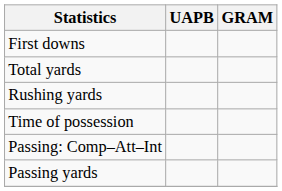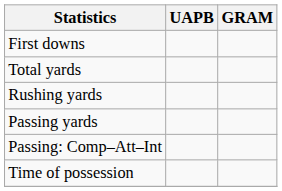 <table class="wikitable" style="float: left;">
 <tr>
 <th>Statistics</th>
 <th>UAPB</th>
 <th>GRAM</th>
 </tr>
 <tr>
 <td>First downs</td>
 <td></td>
 <td></td>
 </tr>
 <tr>
 <td>Total yards</td>
 <td></td>
 <td></td>
 </tr>
 <tr>
 <td>Rushing yards</td>
 <td></td>
 <td></td>
 </tr>
 <tr>
-<td>Time of possession</td>
+<td>Passing yards</td>
 <td></td>
 <td></td>
 </tr>
 <tr>
 <td>Passing: Comp–Att–Int</td>
 <td></td>
 <td></td>
 </tr>
 <tr>
-<td>Passing yards</td>
+<td>Time of possession</td>
 <td></td>
 <td></td>
 </tr>
 <tr>
 </tr>
 </table>
